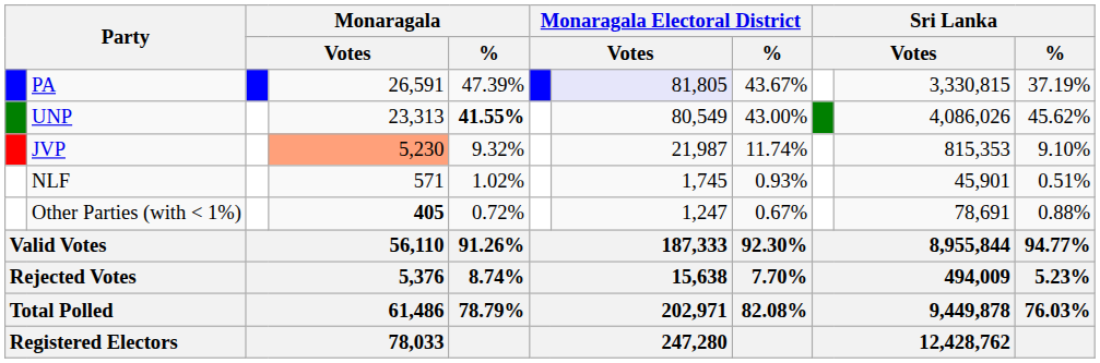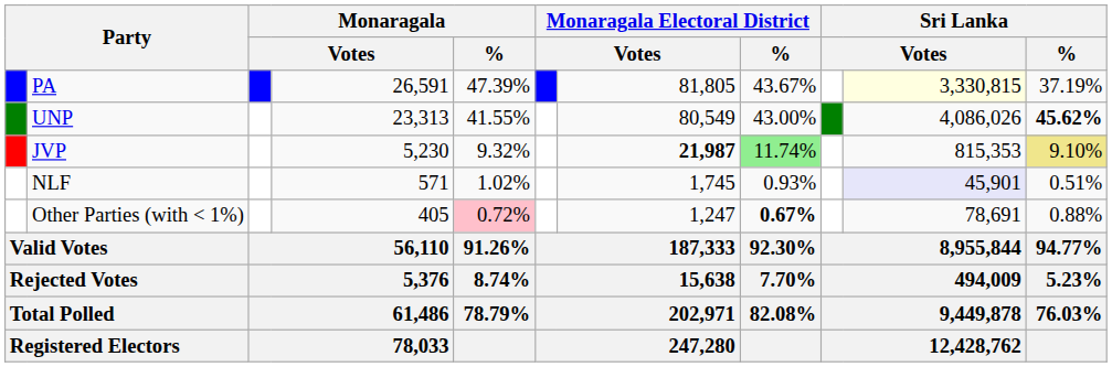 <table class="wikitable">
 <tr>
 <th colspan="2" width="144px"rowspan="2">Party</th>
 <th colspan="3" width="216px">Monaragala</th>
 <th colspan="3" width="216px"><a href='#'>Monaragala Electoral District</a></th>
 <th colspan="3" width="216px">Sri Lanka</th>
 </tr>
 <tr>
 <th colspan="2" width="144px">Votes</th>
 <th>%</th>
 <th colspan="2" width="144px">Votes</th>
 <th>%</th>
 <th colspan="2" width="144px">Votes</th>
 <th>%</th>
 </tr>
 <tr>
 <td style="background-color:blue;" width="10px"></td>
 <td style="text-align:left;"><a href='#'>PA</a></td>
 <td style="background-color:blue;" width="10px"></td>
 <td style="text-align:right;">26,591</td>
 <td style="text-align:right;">47.39%</td>
 <td style="background-color:blue;" width="10px"></td>
-<td style="background: lavender; text-align:right;">81,805</td>
+<td style="text-align:right;">81,805</td>
 <td style="text-align:right;">43.67%</td>
 <td style="background-color:white;" width="10px"></td>
-<td style="text-align:right;">3,330,815</td>
+<td style="background: lightyellow; text-align:right;">3,330,815</td>
 <td style="text-align:right;">37.19%</td>
 </tr>
 <tr>
 <td style="background-color:green;" width="10px"></td>
 <td style="text-align:left;"><a href='#'>UNP</a></td>
 <td style="background-color:white;" width="10px"></td>
 <td style="text-align:right;">23,313</td>
-<td style="text-align:right;"><strong>41.55%</strong></td>
+<td style="text-align:right;">41.55%</td>
 <td style="background-color:white;" width="10px"></td>
 <td style="text-align:right;">80,549</td>
 <td style="text-align:right;">43.00%</td>
 <td style="background-color:green;" width="10px"></td>
 <td style="text-align:right;">4,086,026</td>
-<td style="text-align:right;">45.62%</td>
+<td style="text-align:right;"><strong>45.62%</strong></td>
 </tr>
 <tr>
 <td style="background-color:red;" width="10px"></td>
 <td style="text-align:left;"><a href='#'>JVP</a></td>
 <td style="background-color:white;" width="10px"></td>
-<td style="background: lightsalmon; text-align:right;">5,230</td>
+<td style="text-align:right;">5,230</td>
 <td style="text-align:right;">9.32%</td>
 <td style="background-color:white;" width="10px"></td>
-<td style="text-align:right;">21,987</td>
-<td style="text-align:right;">11.74%</td>
+<td style="text-align:right;"><strong>21,987</strong></td>
+<td style="background: lightgreen; text-align:right;">11.74%</td>
 <td style="background-color:white;" width="10px"></td>
 <td style="text-align:right;">815,353</td>
-<td style="text-align:right;">9.10%</td>
+<td style="background: khaki; text-align:right;">9.10%</td>
 </tr>
 <tr>
 <td style="background-color:white;" width="10px"></td>
 <td style="text-align:left;">NLF</td>
 <td style="background-color:white;" width="10px"></td>
 <td style="text-align:right;">571</td>
 <td style="text-align:right;">1.02%</td>
 <td style="background-color:white;" width="10px"></td>
 <td style="text-align:right;">1,745</td>
 <td style="text-align:right;">0.93%</td>
 <td style="background-color:white;" width="10px"></td>
-<td style="text-align:right;">45,901</td>
+<td style="background: lavender; text-align:right;">45,901</td>
 <td style="text-align:right;">0.51%</td>
 </tr>
 <tr>
 <td style="background-color:white;" width="10px"></td>
 <td style="text-align:left;">Other Parties (with < 1%)</td>
 <td style="background-color:white;" width="10px"></td>
-<td style="text-align:right;"><strong>405</strong></td>
-<td style="text-align:right;">0.72%</td>
+<td style="text-align:right;">405</td>
+<td style="background: pink; text-align:right;">0.72%</td>
 <td style="background-color:white;" width="10px"></td>
 <td style="text-align:right;">1,247</td>
-<td style="text-align:right;">0.67%</td>
+<td style="text-align:right;"><strong>0.67%</strong></td>
 <td style="background-color:white;" width="10px"></td>
 <td style="text-align:right;">78,691</td>
 <td style="text-align:right;">0.88%</td>
 </tr>
 <tr>
 <th colspan="2" width="144px"style="text-align:left;">Valid Votes</th>
 <th style="text-align:right;"colspan="2" width="144px">56,110</th>
 <th style="text-align:right;">91.26%</th>
 <th style="text-align:right;"colspan="2" width="144px">187,333</th>
 <th style="text-align:right;">92.30%</th>
 <th style="text-align:right;"colspan="2" width="144px">8,955,844</th>
 <th style="text-align:right;">94.77%</th>
 </tr>
 <tr>
 <th colspan="2" width="144px"style="text-align:left;">Rejected Votes</th>
 <th style="text-align:right;"colspan="2" width="144px">5,376</th>
 <th style="text-align:right;">8.74%</th>
 <th style="text-align:right;"colspan="2" width="144px">15,638</th>
 <th style="text-align:right;">7.70%</th>
 <th style="text-align:right;"colspan="2" width="144px">494,009</th>
 <th style="text-align:right;">5.23%</th>
 </tr>
 <tr>
 <th colspan="2" width="144px"style="text-align:left;">Total Polled</th>
 <th style="text-align:right;"colspan="2" width="144px">61,486</th>
 <th style="text-align:right;">78.79%</th>
 <th style="text-align:right;"colspan="2" width="144px">202,971</th>
 <th style="text-align:right;">82.08%</th>
 <th style="text-align:right;"colspan="2" width="144px">9,449,878</th>
 <th style="text-align:right;">76.03%</th>
 </tr>
 <tr>
 <th colspan="2" width="144px"style="text-align:left;">Registered Electors</th>
 <th style="text-align:right;"colspan="2" width="144px">78,033</th>
 <th></th>
 <th style="text-align:right;"colspan="2" width="144px">247,280</th>
 <th></th>
 <th style="text-align:right;"colspan="2" width="144px">12,428,762</th>
 <th></th>
 </tr>
 </table>
